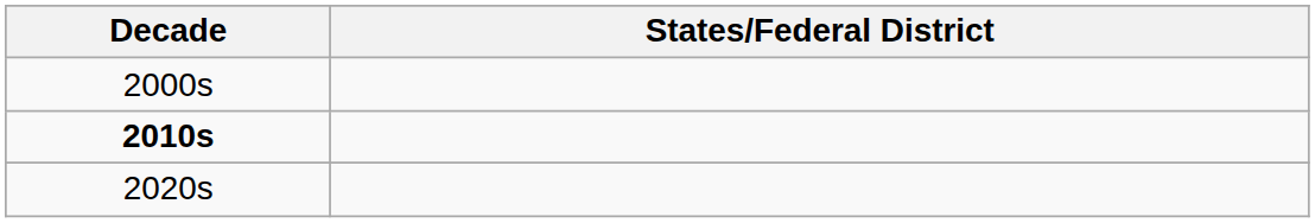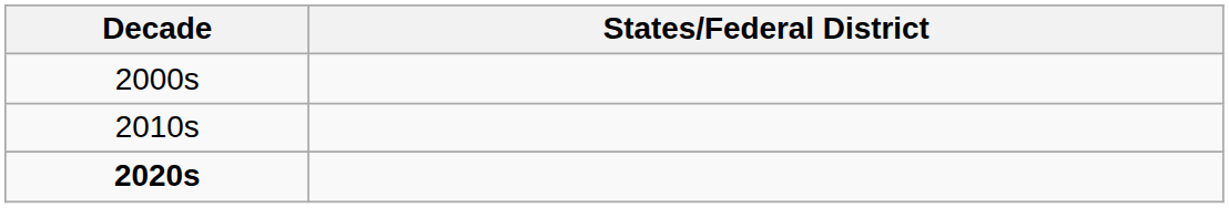 <table class="wikitable" style="width:50%">
 <tr>
 <th style="width:8em;">Decade</th>
 <th style="width:25em;">States/Federal District</th>
 </tr>
 <tr>
 <td style="text-align:center;">2000s</td>
 <td></td>
 </tr>
 <tr>
-<td style="text-align:center;"><strong>2010s</strong></td>
+<td style="text-align:center;">2010s</td>
 <td></td>
 </tr>
 <tr>
-<td style="text-align:center;">2020s</td>
+<td style="text-align:center;"><strong>2020s</strong></td>
 <td></td>
 </tr>
 </table>
